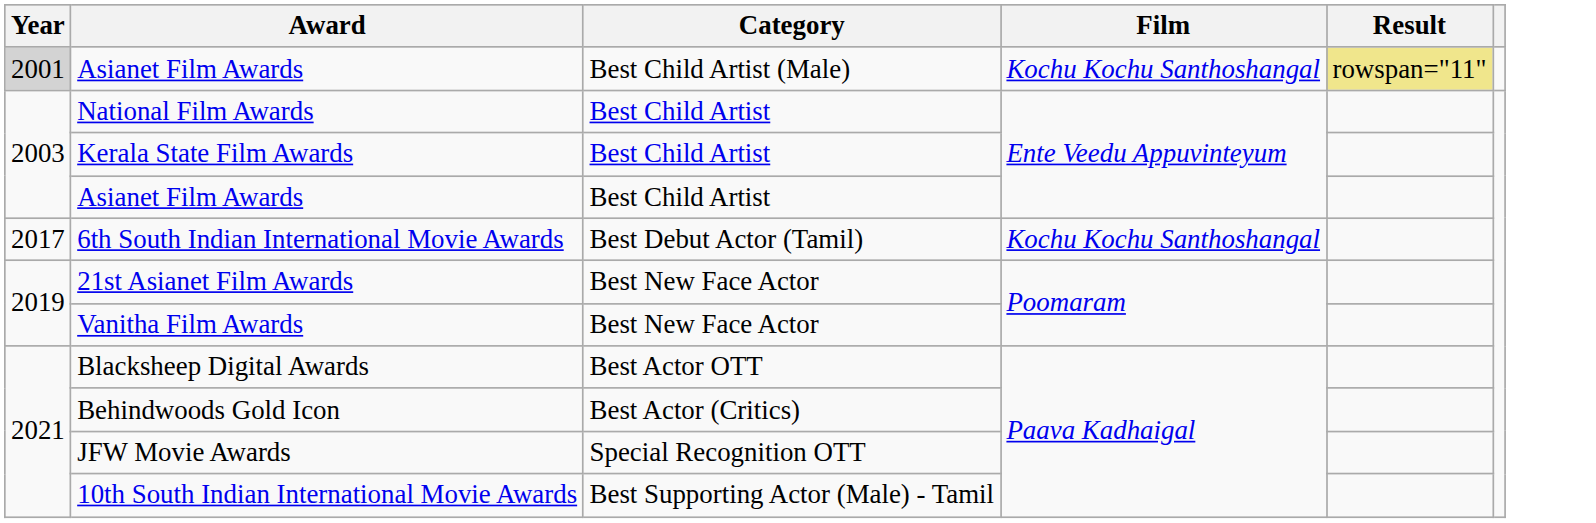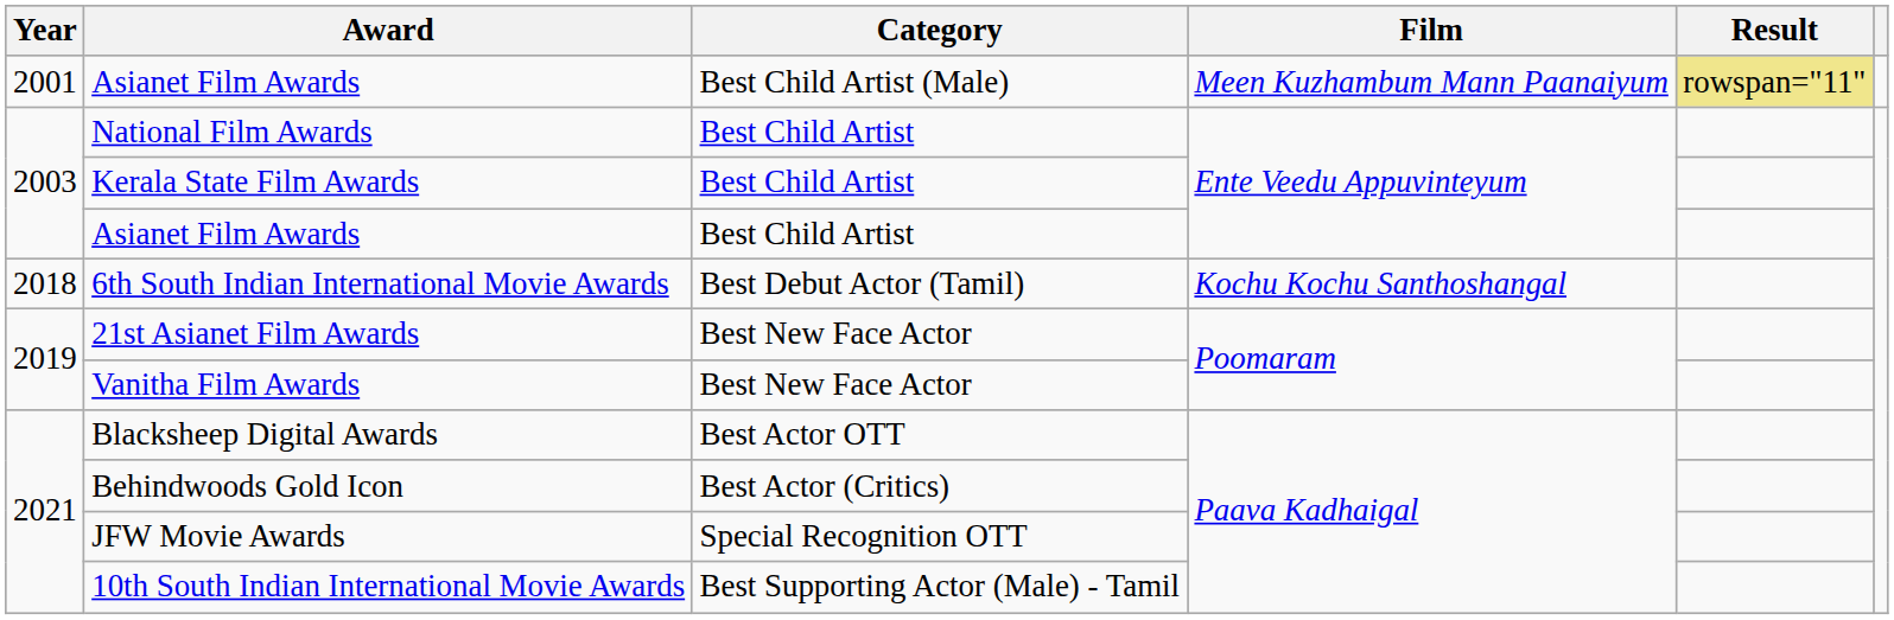 <table class="wikitable">
 <tr>
 <th scope="col">Year</th>
 <th scope="col">Award</th>
 <th scope="col">Category</th>
 <th scope="col">Film</th>
 <th scope="col">Result</th>
 <th class="unsortable" scope="col"></th>
 </tr>
 <tr>
-<td style="background: lightgrey;">2001</td>
+<td>2001</td>
 <td><a href='#'>Asianet Film Awards</a></td>
 <td>Best Child Artist (Male)</td>
-<td><em><a href='#'>Kochu Kochu Santhoshangal</a></em></td>
+<td><em><a href='#'>Meen Kuzhambum Mann Paanaiyum</a></em></td>
 <td style="background: khaki;">rowspan="11" </td>
 <td></td>
 </tr>
 <tr>
 <td rowspan=3>2003</td>
 <td><a href='#'>National Film Awards</a></td>
 <td><a href='#'>Best Child Artist</a></td>
 <td rowspan=3><em><a href='#'>Ente Veedu Appuvinteyum</a></em></td>
 <td></td>
 </tr>
 <tr>
 <td><a href='#'>Kerala State Film Awards</a></td>
 <td><a href='#'>Best Child Artist</a></td>
 <td></td>
 </tr>
 <tr>
 <td><a href='#'>Asianet Film Awards</a></td>
 <td>Best Child Artist</td>
 <td></td>
 </tr>
 <tr>
-<td>2017</td>
+<td>2018</td>
 <td><a href='#'>6th South Indian International Movie Awards</a></td>
 <td>Best Debut Actor (Tamil)</td>
 <td><em><a href='#'>Kochu Kochu Santhoshangal</a></em></td>
 <td></td>
 </tr>
 <tr>
 <td rowspan=2>2019</td>
 <td><a href='#'>21st Asianet Film Awards</a></td>
 <td>Best New Face Actor</td>
 <td rowspan=2><em><a href='#'>Poomaram</a></em></td>
 <td></td>
 </tr>
 <tr>
 <td><a href='#'>Vanitha Film Awards</a></td>
 <td>Best New Face Actor</td>
 <td></td>
 </tr>
 <tr>
 <td rowspan=4>2021</td>
 <td>Blacksheep Digital Awards</td>
 <td>Best Actor OTT</td>
 <td rowspan="4"><em><a href='#'>Paava Kadhaigal</a></em></td>
 <td></td>
 </tr>
 <tr>
 <td>Behindwoods Gold Icon</td>
 <td>Best Actor (Critics)</td>
 <td></td>
 </tr>
 <tr>
 <td>JFW Movie Awards</td>
 <td>Special Recognition OTT</td>
 <td></td>
 </tr>
 <tr>
 <td><a href='#'>10th South Indian International Movie Awards</a></td>
 <td>Best Supporting Actor (Male) - Tamil</td>
 <td></td>
 </tr>
 </table>
